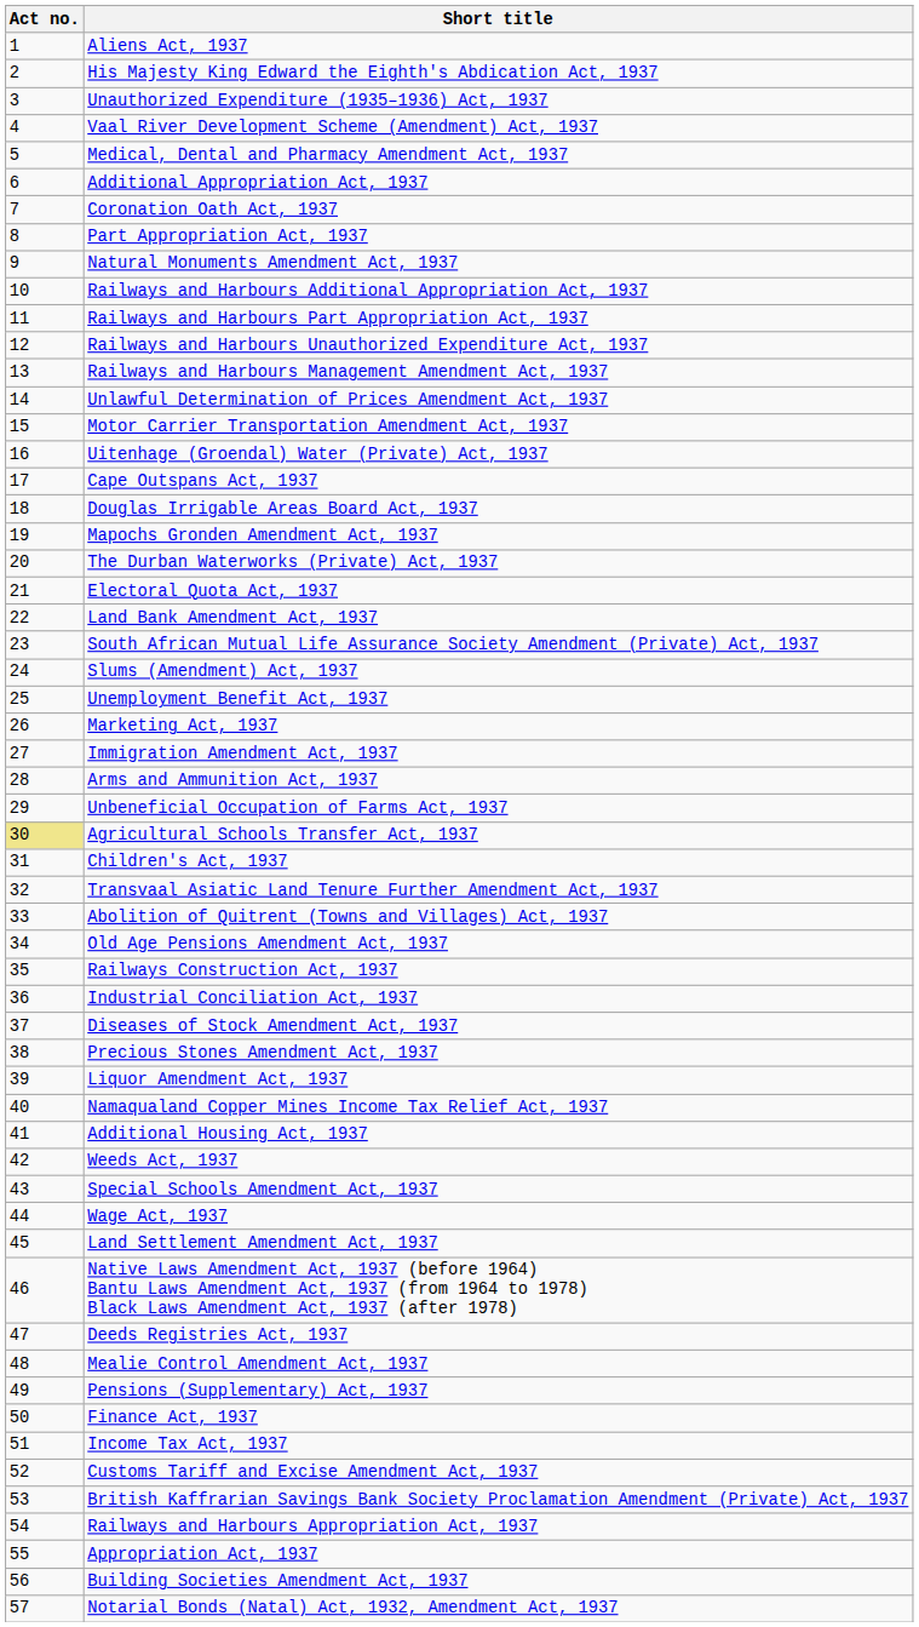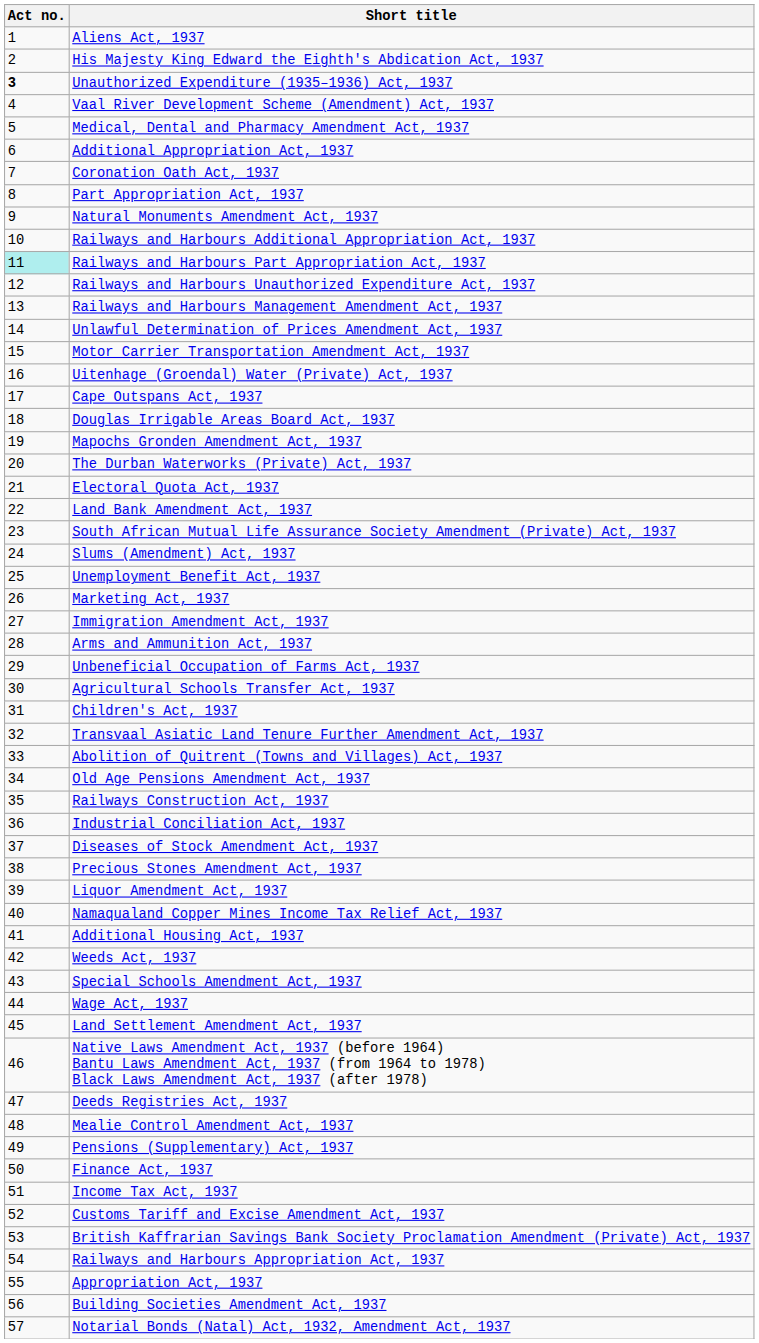 <table class="wikitable sortable">
 <tr>
 <th>Act no.</th>
 <th>Short title</th>
 </tr>
 <tr>
 <td>1</td>
 <td><a href='#'>Aliens Act, 1937</a></td>
 </tr>
 <tr>
 <td>2</td>
 <td><a href='#'>His Majesty King Edward the Eighth's Abdication Act, 1937</a></td>
 </tr>
 <tr>
-<td>3</td>
+<td><strong>3</strong></td>
 <td><a href='#'>Unauthorized Expenditure (1935–1936) Act, 1937</a></td>
 </tr>
 <tr>
 <td>4</td>
 <td><a href='#'>Vaal River Development Scheme (Amendment) Act, 1937</a></td>
 </tr>
 <tr>
 <td>5</td>
 <td><a href='#'>Medical, Dental and Pharmacy Amendment Act, 1937</a></td>
 </tr>
 <tr>
 <td>6</td>
 <td><a href='#'>Additional Appropriation Act, 1937</a></td>
 </tr>
 <tr>
 <td>7</td>
 <td><a href='#'>Coronation Oath Act, 1937</a></td>
 </tr>
 <tr>
 <td>8</td>
 <td><a href='#'>Part Appropriation Act, 1937</a></td>
 </tr>
 <tr>
 <td>9</td>
 <td><a href='#'>Natural Monuments Amendment Act, 1937</a></td>
 </tr>
 <tr>
 <td>10</td>
 <td><a href='#'>Railways and Harbours Additional Appropriation Act, 1937</a></td>
 </tr>
 <tr>
-<td>11</td>
+<td style="background: paleturquoise;">11</td>
 <td><a href='#'>Railways and Harbours Part Appropriation Act, 1937</a></td>
 </tr>
 <tr>
 <td>12</td>
 <td><a href='#'>Railways and Harbours Unauthorized Expenditure Act, 1937</a></td>
 </tr>
 <tr>
 <td>13</td>
 <td><a href='#'>Railways and Harbours Management Amendment Act, 1937</a></td>
 </tr>
 <tr>
 <td>14</td>
 <td><a href='#'>Unlawful Determination of Prices Amendment Act, 1937</a></td>
 </tr>
 <tr>
 <td>15</td>
 <td><a href='#'>Motor Carrier Transportation Amendment Act, 1937</a></td>
 </tr>
 <tr>
 <td>16</td>
 <td><a href='#'>Uitenhage (Groendal) Water (Private) Act, 1937</a></td>
 </tr>
 <tr>
 <td>17</td>
 <td><a href='#'>Cape Outspans Act, 1937</a></td>
 </tr>
 <tr>
 <td>18</td>
 <td><a href='#'>Douglas Irrigable Areas Board Act, 1937</a></td>
 </tr>
 <tr>
 <td>19</td>
 <td><a href='#'>Mapochs Gronden Amendment Act, 1937</a></td>
 </tr>
 <tr>
 <td>20</td>
 <td><a href='#'>The Durban Waterworks (Private) Act, 1937</a></td>
 </tr>
 <tr>
 <td>21</td>
 <td><a href='#'>Electoral Quota Act, 1937</a></td>
 </tr>
 <tr>
 <td>22</td>
 <td><a href='#'>Land Bank Amendment Act, 1937</a></td>
 </tr>
 <tr>
 <td>23</td>
 <td><a href='#'>South African Mutual Life Assurance Society Amendment (Private) Act, 1937</a></td>
 </tr>
 <tr>
 <td>24</td>
 <td><a href='#'>Slums (Amendment) Act, 1937</a></td>
 </tr>
 <tr>
 <td>25</td>
 <td><a href='#'>Unemployment Benefit Act, 1937</a></td>
 </tr>
 <tr>
 <td>26</td>
 <td><a href='#'>Marketing Act, 1937</a></td>
 </tr>
 <tr>
 <td>27</td>
 <td><a href='#'>Immigration Amendment Act, 1937</a></td>
 </tr>
 <tr>
 <td>28</td>
 <td><a href='#'>Arms and Ammunition Act, 1937</a></td>
 </tr>
 <tr>
 <td>29</td>
 <td><a href='#'>Unbeneficial Occupation of Farms Act, 1937</a></td>
 </tr>
 <tr>
-<td style="background: khaki;">30</td>
+<td>30</td>
 <td><a href='#'>Agricultural Schools Transfer Act, 1937</a></td>
 </tr>
 <tr>
 <td>31</td>
 <td><a href='#'>Children's Act, 1937</a></td>
 </tr>
 <tr>
 <td>32</td>
 <td><a href='#'>Transvaal Asiatic Land Tenure Further Amendment Act, 1937</a></td>
 </tr>
 <tr>
 <td>33</td>
 <td><a href='#'>Abolition of Quitrent (Towns and Villages) Act, 1937</a></td>
 </tr>
 <tr>
 <td>34</td>
 <td><a href='#'>Old Age Pensions Amendment Act, 1937</a></td>
 </tr>
 <tr>
 <td>35</td>
 <td><a href='#'>Railways Construction Act, 1937</a></td>
 </tr>
 <tr>
 <td>36</td>
 <td><a href='#'>Industrial Conciliation Act, 1937</a></td>
 </tr>
 <tr>
 <td>37</td>
 <td><a href='#'>Diseases of Stock Amendment Act, 1937</a></td>
 </tr>
 <tr>
 <td>38</td>
 <td><a href='#'>Precious Stones Amendment Act, 1937</a></td>
 </tr>
 <tr>
 <td>39</td>
 <td><a href='#'>Liquor Amendment Act, 1937</a></td>
 </tr>
 <tr>
 <td>40</td>
 <td><a href='#'>Namaqualand Copper Mines Income Tax Relief Act, 1937</a></td>
 </tr>
 <tr>
 <td>41</td>
 <td><a href='#'>Additional Housing Act, 1937</a></td>
 </tr>
 <tr>
 <td>42</td>
 <td><a href='#'>Weeds Act, 1937</a></td>
 </tr>
 <tr>
 <td>43</td>
 <td><a href='#'>Special Schools Amendment Act, 1937</a></td>
 </tr>
 <tr>
 <td>44</td>
 <td><a href='#'>Wage Act, 1937</a></td>
 </tr>
 <tr>
 <td>45</td>
 <td><a href='#'>Land Settlement Amendment Act, 1937</a></td>
 </tr>
 <tr>
 <td>46</td>
 <td><a href='#'>Native Laws Amendment Act, 1937</a> (before 1964) <br><a href='#'>Bantu Laws Amendment Act, 1937</a> (from 1964 to 1978) <br><a href='#'>Black Laws Amendment Act, 1937</a> (after 1978)</td>
 </tr>
 <tr>
 <td>47</td>
 <td><a href='#'>Deeds Registries Act, 1937</a></td>
 </tr>
 <tr>
 <td>48</td>
 <td><a href='#'>Mealie Control Amendment Act, 1937</a></td>
 </tr>
 <tr>
 <td>49</td>
 <td><a href='#'>Pensions (Supplementary) Act, 1937</a></td>
 </tr>
 <tr>
 <td>50</td>
 <td><a href='#'>Finance Act, 1937</a></td>
 </tr>
 <tr>
 <td>51</td>
 <td><a href='#'>Income Tax Act, 1937</a></td>
 </tr>
 <tr>
 <td>52</td>
 <td><a href='#'>Customs Tariff and Excise Amendment Act, 1937</a></td>
 </tr>
 <tr>
 <td>53</td>
 <td><a href='#'>British Kaffrarian Savings Bank Society Proclamation Amendment (Private) Act, 1937</a></td>
 </tr>
 <tr>
 <td>54</td>
 <td><a href='#'>Railways and Harbours Appropriation Act, 1937</a></td>
 </tr>
 <tr>
 <td>55</td>
 <td><a href='#'>Appropriation Act, 1937</a></td>
 </tr>
 <tr>
 <td>56</td>
 <td><a href='#'>Building Societies Amendment Act, 1937</a></td>
 </tr>
 <tr>
 <td>57</td>
 <td><a href='#'>Notarial Bonds (Natal) Act, 1932, Amendment Act, 1937</a></td>
 </tr>
 </table>
